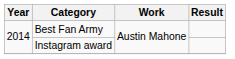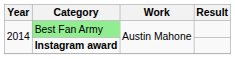 <table class="wikitable">
 <tr>
 <th>Year</th>
 <th>Category</th>
 <th>Work</th>
 <th>Result</th>
 </tr>
 <tr>
 <td rowspan="2">2014</td>
-<td>Best Fan Army</td>
+<td style="background: lightgreen;">Best Fan Army</td>
 <td rowspan="2">Austin Mahone</td>
 <td></td>
 </tr>
 <tr>
-<td>Instagram award</td>
+<td><strong>Instagram award</strong></td>
 <td></td>
 </tr>
 <tr>
 </tr>
 </table>
